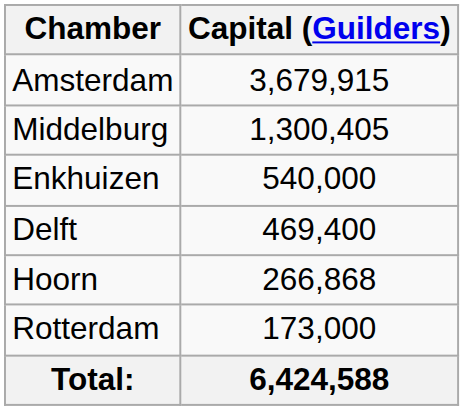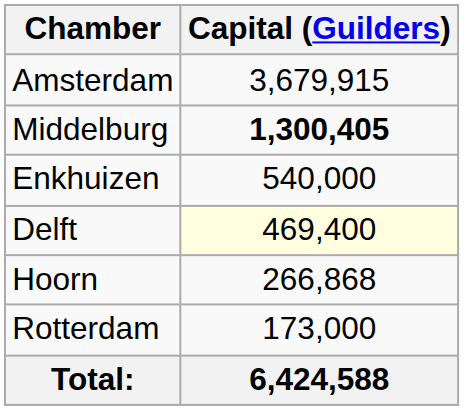 <table class="wikitable">
 <tr>
 <th>Chamber</th>
 <th>Capital (<a href='#'>Guilders</a>)</th>
 </tr>
 <tr>
 <td>Amsterdam</td>
 <td align=center>3,679,915</td>
 </tr>
 <tr>
 <td>Middelburg</td>
-<td align=center>1,300,405</td>
+<td align=center><strong>1,300,405</strong></td>
 </tr>
 <tr>
 <td>Enkhuizen</td>
 <td align=center>540,000</td>
 </tr>
 <tr>
 <td>Delft</td>
-<td align=center>469,400</td>
+<td align=center style="background: lightyellow;">469,400</td>
 </tr>
 <tr>
 <td>Hoorn</td>
 <td align=center>266,868</td>
 </tr>
 <tr>
 <td>Rotterdam</td>
 <td align=center>173,000</td>
 </tr>
 <tr>
 <th>Total:</th>
 <th>6,424,588</th>
 </tr>
 </table>
